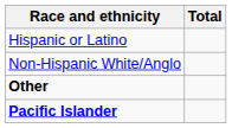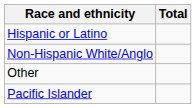 <table class="wikitable floatright sortable collapsible"; text-align:right; font-size:80%;">
 <tr>
 <th>Race and ethnicity</th>
 <th colspan="2" data-sort-type=number>Total</th>
 </tr>
 <tr>
 <td><a href='#'>Hispanic or Latino</a></td>
 <td align=right></td>
 </tr>
 <tr>
 <td><a href='#'>Non-Hispanic White/Anglo</a></td>
 <td align=right></td>
 </tr>
 <tr>
-<td><strong>Other</strong></td>
+<td>Other</td>
 <td align=right></td>
 </tr>
 <tr>
-<td><strong><a href='#'>Pacific Islander</a></strong></td>
+<td><a href='#'>Pacific Islander</a></td>
 <td align=right></td>
 </tr>
 </table>
